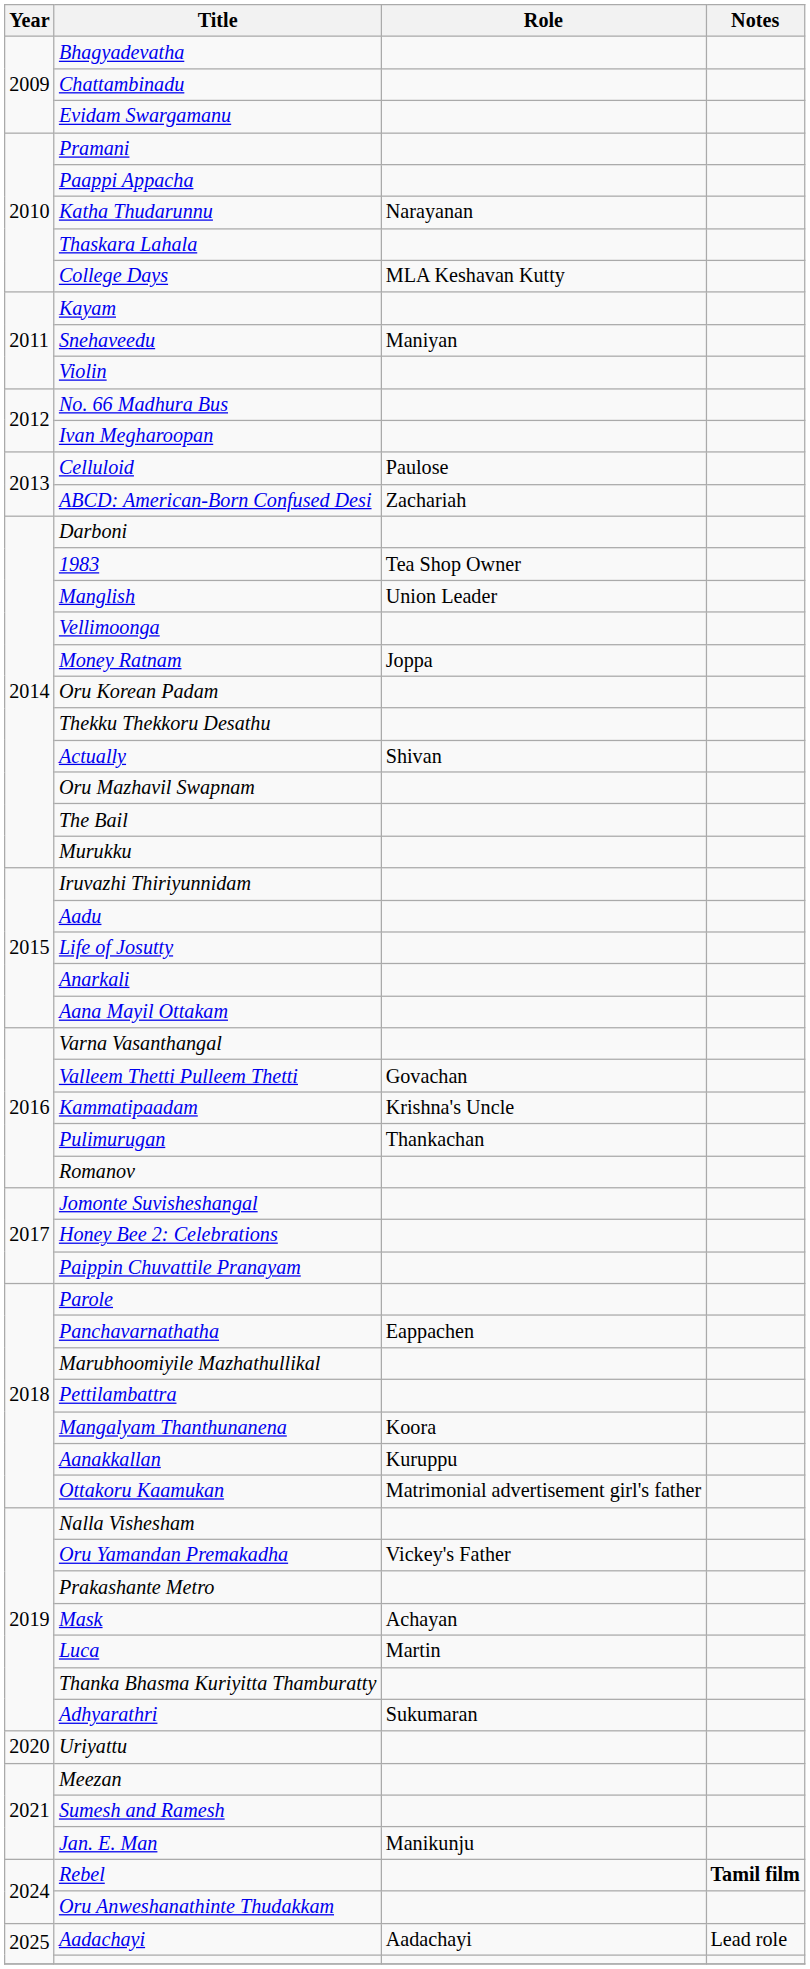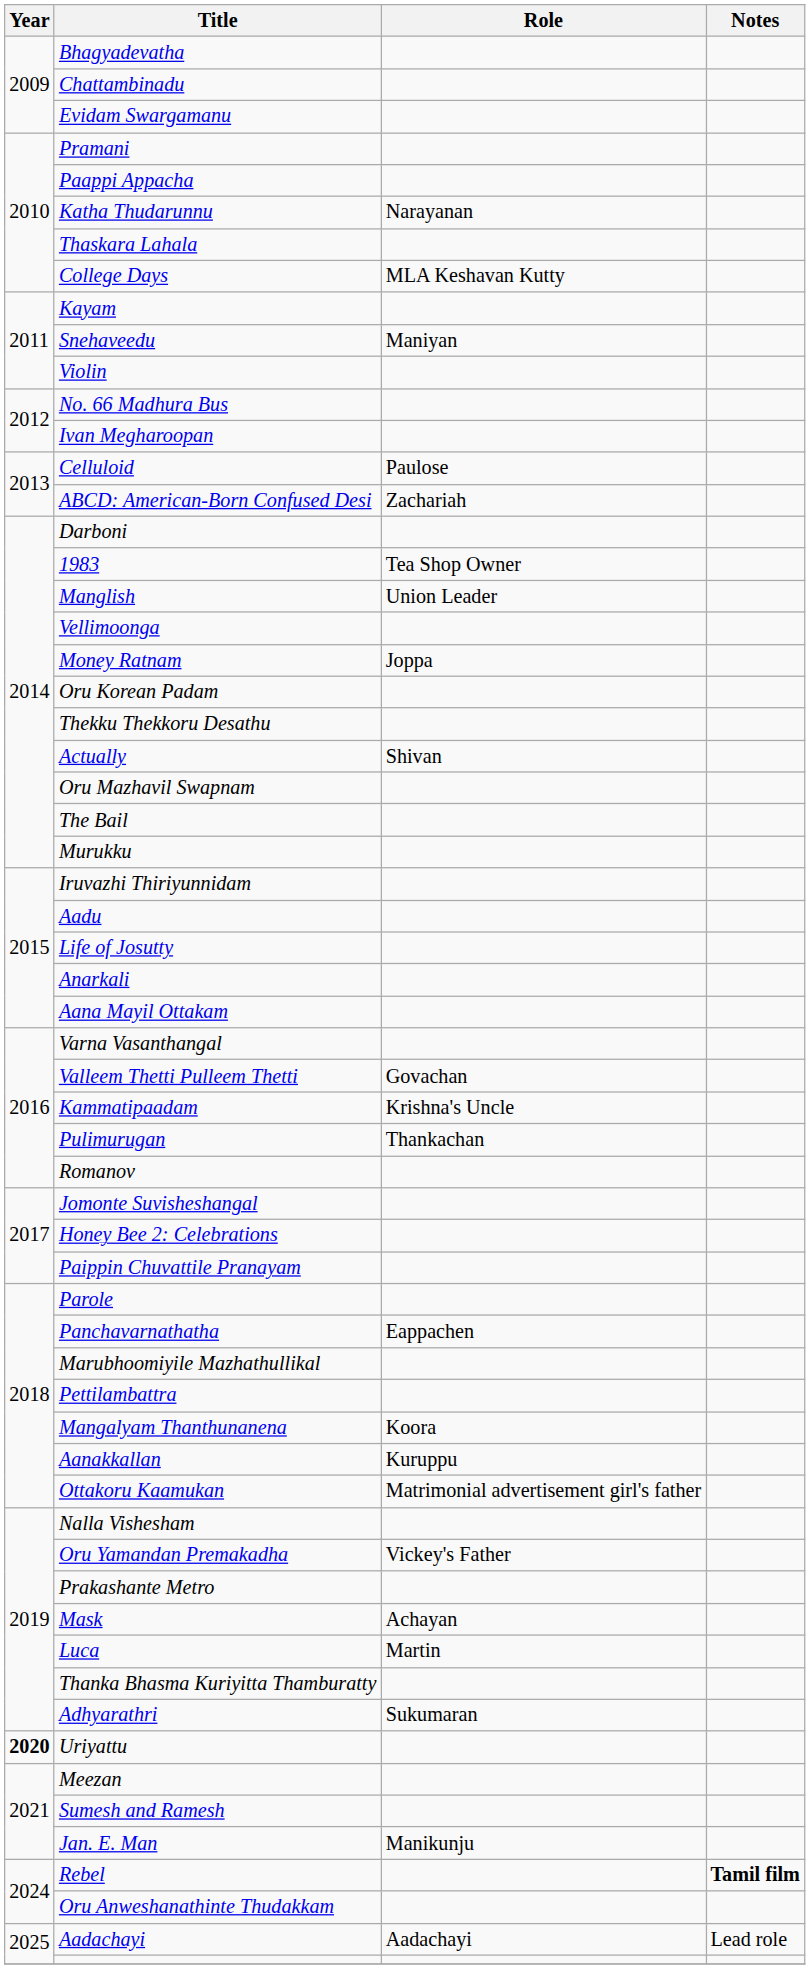 <table class="wikitable sortable">
 <tr>
 <th>Year</th>
 <th>Title</th>
 <th>Role</th>
 <th class="unsortable">Notes</th>
 </tr>
 <tr>
 <td rowspan="3">2009</td>
 <td><em><a href='#'>Bhagyadevatha</a></em></td>
 <td></td>
 <td></td>
 </tr>
 <tr>
 <td><em><a href='#'>Chattambinadu</a></em></td>
 <td></td>
 <td></td>
 </tr>
 <tr>
 <td><em><a href='#'>Evidam Swargamanu</a> </em></td>
 <td></td>
 <td></td>
 </tr>
 <tr>
 <td rowspan="5">2010</td>
 <td><em><a href='#'>Pramani</a></em></td>
 <td></td>
 <td></td>
 </tr>
 <tr>
 <td><em><a href='#'>Paappi Appacha</a></em></td>
 <td></td>
 <td></td>
 </tr>
 <tr>
 <td><em><a href='#'>Katha Thudarunnu</a></em></td>
 <td>Narayanan</td>
 <td></td>
 </tr>
 <tr>
 <td><em><a href='#'>Thaskara Lahala</a></em></td>
 <td></td>
 <td></td>
 </tr>
 <tr>
 <td><em><a href='#'>College Days</a></em></td>
 <td>MLA Keshavan Kutty</td>
 <td></td>
 </tr>
 <tr>
 <td rowspan="3">2011</td>
 <td><em><a href='#'>Kayam</a></em></td>
 <td></td>
 <td></td>
 </tr>
 <tr>
 <td><em><a href='#'>Snehaveedu</a> </em></td>
 <td>Maniyan</td>
 <td></td>
 </tr>
 <tr>
 <td><em><a href='#'>Violin</a></em></td>
 <td></td>
 <td></td>
 </tr>
 <tr>
 <td rowspan="2">2012</td>
 <td><em><a href='#'>No. 66 Madhura Bus</a></em></td>
 <td></td>
 <td></td>
 </tr>
 <tr>
 <td><em><a href='#'>Ivan Megharoopan</a></em></td>
 <td></td>
 <td></td>
 </tr>
 <tr>
 <td rowspan="2">2013</td>
 <td><em><a href='#'>Celluloid</a></em></td>
 <td>Paulose</td>
 <td></td>
 </tr>
 <tr>
 <td><em><a href='#'>ABCD: American-Born Confused Desi</a></em></td>
 <td>Zachariah</td>
 <td></td>
 </tr>
 <tr>
 <td rowspan="11">2014</td>
 <td><em>Darboni</em></td>
 <td></td>
 <td></td>
 </tr>
 <tr>
 <td><em><a href='#'>1983</a></em></td>
 <td>Tea Shop Owner</td>
 <td></td>
 </tr>
 <tr>
 <td><em><a href='#'>Manglish</a></em></td>
 <td>Union Leader</td>
 <td></td>
 </tr>
 <tr>
 <td><em><a href='#'>Vellimoonga</a></em></td>
 <td></td>
 <td></td>
 </tr>
 <tr>
 <td><em><a href='#'>Money Ratnam</a></em></td>
 <td>Joppa</td>
 <td></td>
 </tr>
 <tr>
 <td><em>Oru Korean Padam</em></td>
 <td></td>
 <td></td>
 </tr>
 <tr>
 <td><em>Thekku Thekkoru Desathu</em></td>
 <td></td>
 <td></td>
 </tr>
 <tr>
 <td><em><a href='#'>Actually</a></em></td>
 <td>Shivan</td>
 <td></td>
 </tr>
 <tr>
 <td><em>Oru Mazhavil Swapnam</em></td>
 <td></td>
 <td></td>
 </tr>
 <tr>
 <td><em>The Bail</em></td>
 <td></td>
 <td></td>
 </tr>
 <tr>
 <td><em>Murukku</em></td>
 <td></td>
 <td></td>
 </tr>
 <tr>
 <td rowspan="5">2015</td>
 <td><em>Iruvazhi Thiriyunnidam</em></td>
 <td></td>
 <td></td>
 </tr>
 <tr>
 <td><em><a href='#'>Aadu</a></em></td>
 <td></td>
 <td></td>
 </tr>
 <tr>
 <td><em><a href='#'>Life of Josutty</a></em></td>
 <td></td>
 <td></td>
 </tr>
 <tr>
 <td><em><a href='#'>Anarkali</a></em></td>
 <td></td>
 <td></td>
 </tr>
 <tr>
 <td><em><a href='#'>Aana Mayil Ottakam</a></em></td>
 <td></td>
 <td></td>
 </tr>
 <tr>
 <td rowspan="5">2016</td>
 <td><em>Varna Vasanthangal</em></td>
 <td></td>
 <td></td>
 </tr>
 <tr>
 <td><em><a href='#'>Valleem Thetti Pulleem Thetti</a></em></td>
 <td>Govachan</td>
 <td></td>
 </tr>
 <tr>
 <td><em><a href='#'>Kammatipaadam</a></em></td>
 <td>Krishna's Uncle</td>
 <td></td>
 </tr>
 <tr>
 <td><em><a href='#'>Pulimurugan</a></em></td>
 <td>Thankachan</td>
 <td></td>
 </tr>
 <tr>
 <td><em>Romanov</em></td>
 <td></td>
 <td></td>
 </tr>
 <tr>
 <td rowspan="3">2017</td>
 <td><em><a href='#'>Jomonte Suvisheshangal</a></em></td>
 <td></td>
 <td></td>
 </tr>
 <tr>
 <td><em><a href='#'>Honey Bee 2: Celebrations</a></em></td>
 <td></td>
 <td></td>
 </tr>
 <tr>
 <td><em><a href='#'>Paippin Chuvattile Pranayam</a></em></td>
 <td></td>
 <td></td>
 </tr>
 <tr>
 <td rowspan="7">2018</td>
 <td><em><a href='#'>Parole</a></em></td>
 <td></td>
 <td></td>
 </tr>
 <tr>
 <td><em><a href='#'>Panchavarnathatha</a></em></td>
 <td>Eappachen</td>
 <td></td>
 </tr>
 <tr>
 <td><em>Marubhoomiyile Mazhathullikal</em></td>
 <td></td>
 <td></td>
 </tr>
 <tr>
 <td><em><a href='#'>Pettilambattra</a></em></td>
 <td></td>
 <td></td>
 </tr>
 <tr>
 <td><em><a href='#'>Mangalyam Thanthunanena</a></em></td>
 <td>Koora</td>
 <td></td>
 </tr>
 <tr>
 <td><em><a href='#'>Aanakkallan</a></em></td>
 <td>Kuruppu</td>
 <td></td>
 </tr>
 <tr>
 <td><em><a href='#'>Ottakoru Kaamukan</a></em></td>
 <td>Matrimonial advertisement girl's father</td>
 <td></td>
 </tr>
 <tr>
 <td rowspan="7">2019</td>
 <td><em>Nalla Vishesham</em></td>
 <td></td>
 <td></td>
 </tr>
 <tr>
 <td><em><a href='#'>Oru Yamandan Premakadha</a></em></td>
 <td>Vickey's Father</td>
 <td></td>
 </tr>
 <tr>
 <td><em>Prakashante Metro</em></td>
 <td></td>
 <td></td>
 </tr>
 <tr>
 <td><em><a href='#'>Mask</a></em></td>
 <td>Achayan</td>
 <td></td>
 </tr>
 <tr>
 <td><em><a href='#'>Luca</a></em></td>
 <td>Martin</td>
 <td></td>
 </tr>
 <tr>
 <td><em>Thanka Bhasma Kuriyitta Thamburatty</em></td>
 <td></td>
 <td></td>
 </tr>
 <tr>
 <td><em><a href='#'>Adhyarathri</a></em></td>
 <td>Sukumaran</td>
 <td></td>
 </tr>
 <tr>
-<td>2020</td>
+<td><strong>2020</strong></td>
 <td><em>Uriyattu</em></td>
 <td></td>
 <td></td>
 </tr>
 <tr>
 <td rowspan="3">2021</td>
 <td><em>Meezan</em></td>
 <td></td>
 <td></td>
 </tr>
 <tr>
 <td><em><a href='#'>Sumesh and Ramesh</a></em></td>
 <td></td>
 <td></td>
 </tr>
 <tr>
 <td><em><a href='#'>Jan. E. Man</a></em></td>
 <td>Manikunju</td>
 <td></td>
 </tr>
 <tr>
 <td rowspan="2">2024</td>
 <td><em><a href='#'>Rebel</a></em></td>
 <td></td>
 <td><strong>Tamil film</strong></td>
 </tr>
 <tr>
 <td><em><a href='#'>Oru Anweshanathinte Thudakkam</a></em></td>
 <td></td>
 <td></td>
 </tr>
 <tr>
 <td rowspan=2>2025</td>
 <td><em><a href='#'>Aadachayi</a></em></td>
 <td>Aadachayi</td>
 <td>Lead role</td>
 </tr>
 <tr>
 <td></td>
 <td></td>
 <td></td>
 </tr>
 <tr>
 </tr>
 </table>
